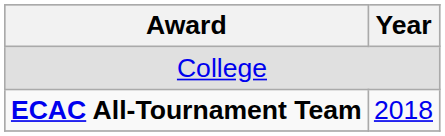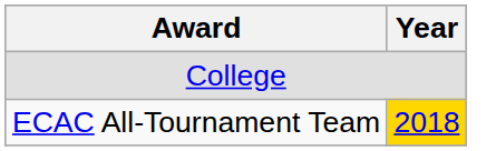 <table class="wikitable">
 <tr>
 <th>Award</th>
 <th>Year</th>
 </tr>
 <tr ALIGN="center" bgcolor="#e0e0e0">
 <td colspan="3"><a href='#'>College</a></td>
 </tr>
 <tr>
-<td><strong><a href='#'>ECAC</a> All-Tournament Team</strong></td>
-<td><a href='#'>2018</a></td>
+<td><a href='#'>ECAC</a> All-Tournament Team</td>
+<td style="background: gold;"><a href='#'>2018</a></td>
 </tr>
 </table>
